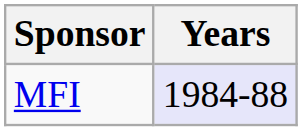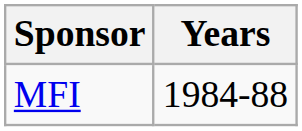 <table class="wikitable">
 <tr>
 <th>Sponsor</th>
 <th>Years</th>
 </tr>
 <tr>
 <td><a href='#'>MFI</a></td>
-<td style="background: lavender;">1984-88</td>
+<td>1984-88</td>
 </tr>
 </table>
